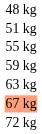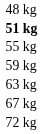 <table>
 <tr>
 <td rowspan=2>48 kg</td>
 <td rowspan=2></td>
 <td rowspan=2></td>
 <td></td>
 </tr>
 <tr>
 <td></td>
 </tr>
 <tr>
-<td>51 kg</td>
+<td><strong>51 kg</strong></td>
 <td></td>
 <td></td>
 <td></td>
 </tr>
 <tr>
 <td rowspan=2>55 kg</td>
 <td rowspan=2></td>
 <td rowspan=2></td>
 <td></td>
 </tr>
 <tr>
 <td></td>
 </tr>
 <tr>
 <td rowspan=2>59 kg</td>
 <td rowspan=2></td>
 <td rowspan=2></td>
 <td></td>
 </tr>
 <tr>
 <td></td>
 </tr>
 <tr>
 <td rowspan=2>63 kg</td>
 <td rowspan=2></td>
 <td rowspan=2></td>
 <td></td>
 </tr>
 <tr>
 <td></td>
 </tr>
 <tr>
-<td style="background: lightsalmon;">67 kg</td>
+<td>67 kg</td>
 <td></td>
 <td></td>
 <td></td>
 </tr>
 <tr>
 <td rowspan=2>72 kg</td>
 <td rowspan=2></td>
 <td rowspan=2></td>
 <td></td>
 </tr>
 <tr>
 <td></td>
 </tr>
 <tr>
 </tr>
 </table>
